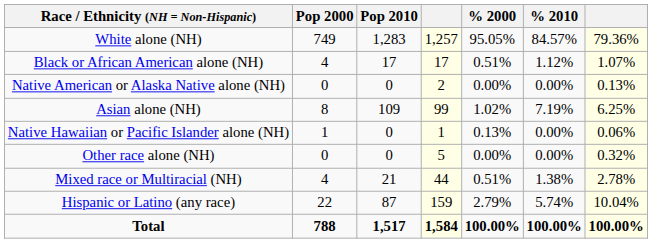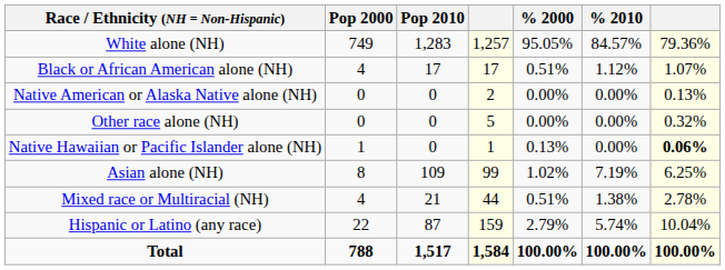 <table class="wikitable" style="text-align:center;">
 <tr>
 <th>Race / Ethnicity <small>(<em>NH = Non-Hispanic</em>)</small></th>
 <th>Pop 2000</th>
 <th>Pop 2010</th>
 <th></th>
 <th>% 2000</th>
 <th>% 2010</th>
 <th></th>
 </tr>
 <tr>
 <td><a href='#'>White</a> alone (NH)</td>
 <td>749</td>
 <td>1,283</td>
 <td style='background: #ffffe6;'>1,257</td>
 <td>95.05%</td>
 <td>84.57%</td>
 <td style='background: #ffffe6;'>79.36%</td>
 </tr>
 <tr>
 <td><a href='#'>Black or African American</a> alone (NH)</td>
 <td>4</td>
 <td>17</td>
 <td style='background: #ffffe6;'>17</td>
 <td>0.51%</td>
 <td>1.12%</td>
 <td style='background: #ffffe6;'>1.07%</td>
 </tr>
 <tr>
 <td><a href='#'>Native American</a> or <a href='#'>Alaska Native</a> alone (NH)</td>
 <td>0</td>
 <td>0</td>
 <td style='background: #ffffe6;'>2</td>
 <td>0.00%</td>
 <td>0.00%</td>
 <td style='background: #ffffe6;'>0.13%</td>
 </tr>
 <tr>
-<td><a href='#'>Asian</a> alone (NH)</td>
-<td>8</td>
-<td>109</td>
-<td style='background: #ffffe6;'>99</td>
-<td>1.02%</td>
-<td>7.19%</td>
-<td style='background: #ffffe6;'>6.25%</td>
+<td><a href='#'>Other race</a> alone (NH)</td>
+<td>0</td>
+<td>0</td>
+<td style='background: #ffffe6;'>5</td>
+<td>0.00%</td>
+<td>0.00%</td>
+<td style='background: #ffffe6;'>0.32%</td>
 </tr>
 <tr>
 <td><a href='#'>Native Hawaiian</a> or <a href='#'>Pacific Islander</a> alone (NH)</td>
 <td>1</td>
 <td>0</td>
 <td style='background: #ffffe6;'>1</td>
 <td>0.13%</td>
 <td>0.00%</td>
-<td style='background: #ffffe6;'>0.06%</td>
+<td style='background: #ffffe6;'><strong>0.06%</strong></td>
 </tr>
 <tr>
-<td><a href='#'>Other race</a> alone (NH)</td>
-<td>0</td>
-<td>0</td>
-<td style='background: #ffffe6;'>5</td>
-<td>0.00%</td>
-<td>0.00%</td>
-<td style='background: #ffffe6;'>0.32%</td>
+<td><a href='#'>Asian</a> alone (NH)</td>
+<td>8</td>
+<td>109</td>
+<td style='background: #ffffe6;'>99</td>
+<td>1.02%</td>
+<td>7.19%</td>
+<td style='background: #ffffe6;'>6.25%</td>
 </tr>
 <tr>
 <td><a href='#'>Mixed race or Multiracial</a> (NH)</td>
 <td>4</td>
 <td>21</td>
 <td style='background: #ffffe6;'>44</td>
 <td>0.51%</td>
 <td>1.38%</td>
 <td style='background: #ffffe6;'>2.78%</td>
 </tr>
 <tr>
 <td><a href='#'>Hispanic or Latino</a> (any race)</td>
 <td>22</td>
 <td>87</td>
 <td style='background: #ffffe6;'>159</td>
 <td>2.79%</td>
 <td>5.74%</td>
 <td style='background: #ffffe6;'>10.04%</td>
 </tr>
 <tr>
 <td><strong>Total</strong></td>
 <td><strong>788</strong></td>
 <td><strong>1,517</strong></td>
 <td style='background: #ffffe6;'><strong>1,584</strong></td>
 <td><strong>100.00%</strong></td>
 <td><strong>100.00%</strong></td>
 <td style='background: #ffffe6;'><strong>100.00%</strong></td>
 </tr>
 </table>
